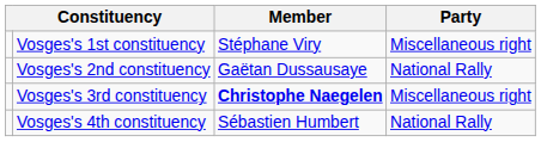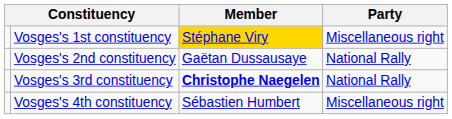 <table class="wikitable">
 <tr>
 <th colspan="2">Constituency</th>
 <th>Member</th>
 <th>Party</th>
 </tr>
 <tr>
 <td style="background-color: "></td>
 <td><a href='#'>Vosges's 1st constituency</a></td>
-<td><a href='#'>Stéphane Viry</a></td>
+<td style="background: gold;"><a href='#'>Stéphane Viry</a></td>
 <td><a href='#'>Miscellaneous right</a></td>
 </tr>
 <tr>
 <td style="background-color: "></td>
 <td><a href='#'>Vosges's 2nd constituency</a></td>
 <td><a href='#'>Gaëtan Dussausaye</a></td>
 <td><a href='#'>National Rally</a></td>
 </tr>
 <tr>
 <td style="background-color: "></td>
 <td><a href='#'>Vosges's 3rd constituency</a></td>
 <td><strong><a href='#'>Christophe Naegelen</a></strong></td>
-<td><a href='#'>Miscellaneous right</a></td>
+<td><a href='#'>National Rally</a></td>
 </tr>
 <tr>
 <td style="background-color: "></td>
 <td><a href='#'>Vosges's 4th constituency</a></td>
 <td><a href='#'>Sébastien Humbert</a></td>
-<td><a href='#'>National Rally</a></td>
+<td><a href='#'>Miscellaneous right</a></td>
 </tr>
 </table>
